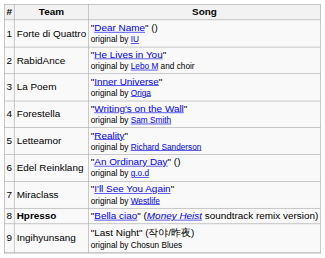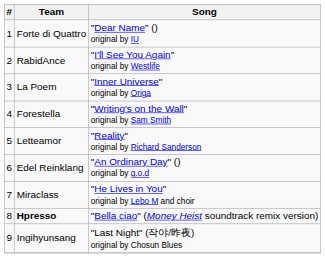 <table class="wikitable">
 <tr>
 <th style="text-align:center;">#</th>
 <th style="text-align:center;">Team</th>
 <th style="text-align:center;">Song</th>
 </tr>
 <tr>
 <td>1</td>
 <td>Forte di Quattro</td>
 <td>"<a href='#'>Dear Name</a>" () <br> <small>original by <a href='#'>IU</a></small></td>
 </tr>
 <tr>
 <td>2</td>
 <td>RabidAnce</td>
-<td>"<a href='#'>He Lives in You</a>" <br> <small>original by <a href='#'>Lebo M</a> and choir</small></td>
+<td>"<a href='#'>I'll See You Again</a>" <br> <small>original by <a href='#'>Westlife</a></small></td>
 </tr>
 <tr>
 <td>3</td>
 <td>La Poem</td>
 <td>"<a href='#'>Inner Universe</a>" <br> <small>original by <a href='#'>Origa</a></small></td>
 </tr>
 <tr>
 <td>4</td>
 <td>Forestella</td>
 <td>"<a href='#'>Writing's on the Wall</a>" <br> <small>original by <a href='#'>Sam Smith</a></small></td>
 </tr>
 <tr>
 <td>5</td>
 <td>Letteamor</td>
 <td>"<a href='#'>Reality</a>" <br> <small>original by <a href='#'>Richard Sanderson</a></small></td>
 </tr>
 <tr>
 <td>6</td>
 <td>Edel Reinklang</td>
 <td>"<a href='#'>An Ordinary Day</a>" () <br> <small>original by <a href='#'>g.o.d</a></small></td>
 </tr>
 <tr>
 <td>7</td>
 <td>Miraclass</td>
-<td>"<a href='#'>I'll See You Again</a>" <br> <small>original by <a href='#'>Westlife</a></small></td>
+<td>"<a href='#'>He Lives in You</a>" <br> <small>original by <a href='#'>Lebo M</a> and choir</small></td>
 </tr>
 <tr>
 <td>8</td>
 <td><strong>Hpresso</strong></td>
 <td>"<a href='#'>Bella ciao</a>" (<em><a href='#'>Money Heist</a></em> soundtrack remix version)</td>
 </tr>
 <tr>
 <td>9</td>
 <td>Ingihyunsang</td>
 <td>"Last Night" (작야/昨夜) <br> <small>original by Chosun Blues</small></td>
 </tr>
 <tr>
 </tr>
 </table>
